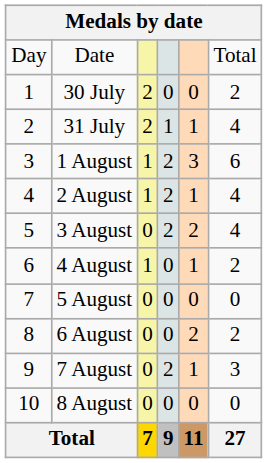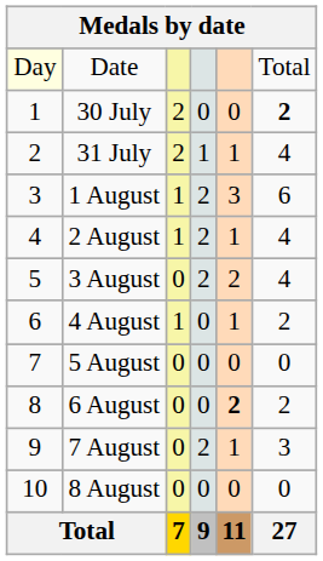 <table class="wikitable" style="font-size:80%;float:right;text-align:center">
 <tr>
 <th colspan=6>Medals by date</th>
 </tr>
 <tr align=center>
-<td>Day</td>
+<td style="background: lightyellow;">Day</td>
 <td>Date</td>
 <td bgcolor=#f7f6a8></td>
 <td bgcolor=#dce5e5></td>
 <td bgcolor=#ffdab9></td>
 <td>Total</td>
 </tr>
 <tr align=centre>
 <td>1</td>
 <td>30 July</td>
 <td bgcolor=#f7f6a8>2</td>
 <td bgcolor=#dce5e5>0</td>
 <td bgcolor=#ffdab9>0</td>
-<td>2</td>
+<td><strong>2</strong></td>
 </tr>
 <tr align=center>
 <td>2</td>
 <td>31 July</td>
 <td bgcolor=#f7f6a8>2</td>
 <td bgcolor=#dce5e5>1</td>
 <td bgcolor=#ffdab9>1</td>
 <td>4</td>
 </tr>
 <tr align=center>
 <td>3</td>
 <td>1 August</td>
 <td bgcolor=#f7f6a8>1</td>
 <td bgcolor=#dce5e5>2</td>
 <td bgcolor=#ffdab9>3</td>
 <td>6</td>
 </tr>
 <tr align=center>
 <td>4</td>
 <td>2 August</td>
 <td bgcolor=#f7f6a8>1</td>
 <td bgcolor=#dce5e5>2</td>
 <td bgcolor=#ffdab9>1</td>
 <td>4</td>
 </tr>
 <tr align=center>
 <td>5</td>
 <td>3 August</td>
 <td bgcolor=#f7f6a8>0</td>
 <td bgcolor=#dce5e5>2</td>
 <td bgcolor=#ffdab9>2</td>
 <td>4</td>
 </tr>
 <tr align=center>
 <td>6</td>
 <td>4 August</td>
 <td bgcolor=#f7f6a8>1</td>
 <td bgcolor=#dce5e5>0</td>
 <td bgcolor=#ffdab9>1</td>
 <td>2</td>
 </tr>
 <tr align=center>
 <td>7</td>
 <td>5 August</td>
 <td bgcolor=#f7f6a8>0</td>
 <td bgcolor=#dce5e5>0</td>
 <td bgcolor=#ffdab9>0</td>
 <td>0</td>
 </tr>
 <tr align=center>
 <td>8</td>
 <td>6 August</td>
 <td bgcolor=#f7f6a8>0</td>
 <td bgcolor=#dce5e5>0</td>
-<td bgcolor=#ffdab9>2</td>
+<td bgcolor=#ffdab9><strong>2</strong></td>
 <td>2</td>
 </tr>
 <tr align=center>
 <td>9</td>
 <td>7 August</td>
 <td bgcolor=#f7f6a8>0</td>
 <td bgcolor=#dce5e5>2</td>
 <td bgcolor=#ffdab9>1</td>
 <td>3</td>
 </tr>
 <tr align=center>
 <td>10</td>
 <td>8 August</td>
 <td bgcolor=#f7f6a8>0</td>
 <td bgcolor=#dce5e5>0</td>
 <td bgcolor=#ffdab9>0</td>
 <td>0</td>
 </tr>
 <tr align=center>
 <th colspan=2!bgcolor=#efefef>Total</th>
 <th style="background:gold;">7</th>
 <th style="background:silver;">9</th>
 <th style="background:#c96;">11</th>
 <th>27</th>
 </tr>
 </table>
